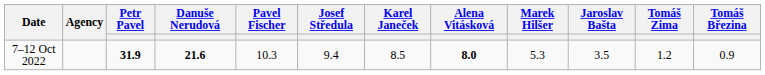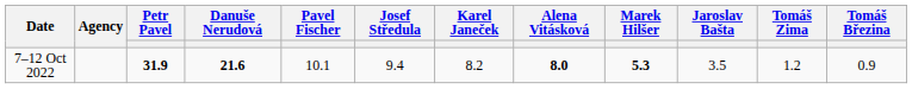 <table class="wikitable" style=text-align:center;font-size:85%;line-height:14px;">
 <tr>
 <th rowspan="2">Date</th>
 <th rowspan="2">Agency</th>
 <th><a href='#'>Petr Pavel</a></th>
 <th><a href='#'>Danuše Nerudová</a></th>
 <th><a href='#'>Pavel Fischer</a></th>
 <th><a href='#'>Josef Středula</a></th>
 <th><a href='#'>Karel Janeček</a></th>
 <th><a href='#'>Alena Vitásková</a></th>
 <th><a href='#'>Marek Hilšer</a></th>
 <th><a href='#'>Jaroslav Bašta</a></th>
 <th><a href='#'>Tomáš Zima</a></th>
 <th><a href='#'>Tomáš Březina</a></th>
 </tr>
 <tr>
 <th style="background:"></th>
 <th style="background:"></th>
 <th style="background:"></th>
 <th style="background:"></th>
 <th style="background:"></th>
 <th style="background:"></th>
 <th style="background:"></th>
 <th style="background:"></th>
 <th style="background:"></th>
 <th style="background:"></th>
 </tr>
 <tr>
 <td>7–12 Oct 2022</td>
 <td></td>
 <td><strong>31.9</strong></td>
 <td><strong>21.6</strong></td>
-<td>10.3</td>
+<td>10.1</td>
 <td>9.4</td>
-<td>8.5</td>
+<td>8.2</td>
 <td><strong>8.0</strong></td>
-<td>5.3</td>
+<td><strong>5.3</strong></td>
 <td>3.5</td>
 <td>1.2</td>
 <td>0.9</td>
 </tr>
 </table>
